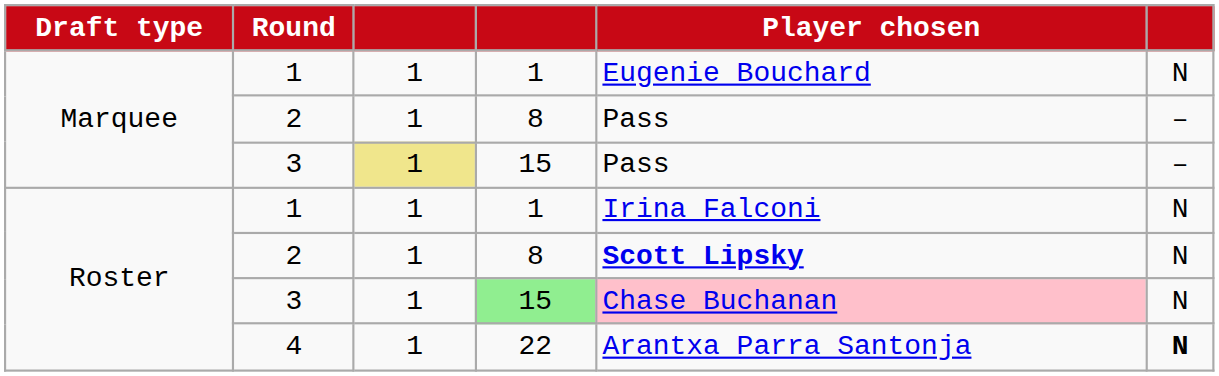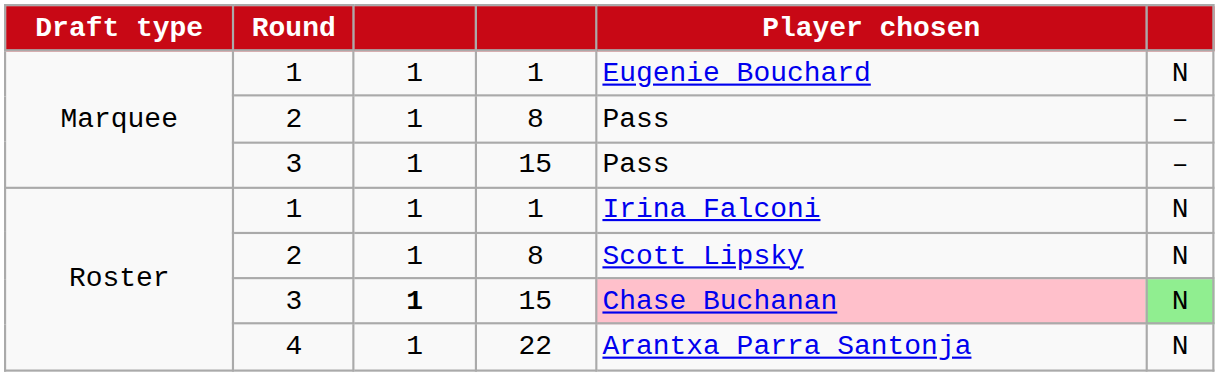 <table class="wikitable" style="text-align:left">
 <tr>
 <th style="background:#C80815; color:white" width="100px">Draft type</th>
 <th style="background:#C80815; color:white" width="50px">Round</th>
 <th style="background:#C80815; color:white" width="50px"></th>
 <th style="background:#C80815; color:white" width="50px"></th>
 <th style="background:#C80815; color:white" width="250px">Player chosen</th>
 <th style="background:#C80815; color:white" width="25px"></th>
 </tr>
 <tr>
 <td rowspan="3" style="text-align:center">Marquee</td>
 <td style="text-align:center">1</td>
 <td style="text-align:center">1</td>
 <td style="text-align:center">1</td>
 <td> <a href='#'>Eugenie Bouchard</a></td>
 <td style="text-align:center">N</td>
 </tr>
 <tr>
 <td style="text-align:center">2</td>
 <td style="text-align:center">1</td>
 <td style="text-align:center">8</td>
 <td>Pass</td>
 <td style="text-align:center">–</td>
 </tr>
 <tr>
 <td style="text-align:center">3</td>
-<td style="background: khaki; text-align:center">1</td>
+<td style="text-align:center">1</td>
 <td style="text-align:center">15</td>
 <td>Pass</td>
 <td style="text-align:center">–</td>
 </tr>
 <tr>
 <td rowspan="4" style="text-align:center">Roster</td>
 <td style="text-align:center">1</td>
 <td style="text-align:center">1</td>
 <td style="text-align:center">1</td>
 <td> <a href='#'>Irina Falconi</a></td>
 <td style="text-align:center">N</td>
 </tr>
 <tr>
 <td style="text-align:center">2</td>
 <td style="text-align:center">1</td>
 <td style="text-align:center">8</td>
-<td><strong> <a href='#'>Scott Lipsky</a></strong></td>
+<td> <a href='#'>Scott Lipsky</a></td>
 <td style="text-align:center">N</td>
 </tr>
 <tr>
 <td style="text-align:center">3</td>
-<td style="text-align:center">1</td>
-<td style="background: lightgreen; text-align:center">15</td>
+<td style="text-align:center"><strong>1</strong></td>
+<td style="text-align:center">15</td>
 <td style="background: pink;"> <a href='#'>Chase Buchanan</a></td>
-<td style="text-align:center">N</td>
+<td style="background: lightgreen; text-align:center">N</td>
 </tr>
 <tr>
 <td style="text-align:center">4</td>
 <td style="text-align:center">1</td>
 <td style="text-align:center">22</td>
 <td> <a href='#'>Arantxa Parra Santonja</a></td>
-<td style="text-align:center"><strong>N</strong></td>
+<td style="text-align:center">N</td>
 </tr>
 </table>
